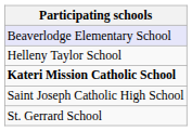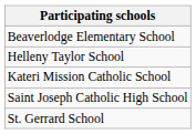 <table class="wikitable" align=right>
 <tr>
 <th>Participating schools</th>
 </tr>
 <tr>
-<td style="background: lavender;">Beaverlodge Elementary School</td>
+<td>Beaverlodge Elementary School</td>
 </tr>
 <tr>
 <td>Helleny Taylor School</td>
 </tr>
 <tr>
-<td><strong>Kateri Mission Catholic School</strong></td>
+<td>Kateri Mission Catholic School</td>
 </tr>
 <tr>
 <td>Saint Joseph Catholic High School</td>
 </tr>
 <tr>
 <td>St. Gerrard School</td>
 </tr>
 </table>
